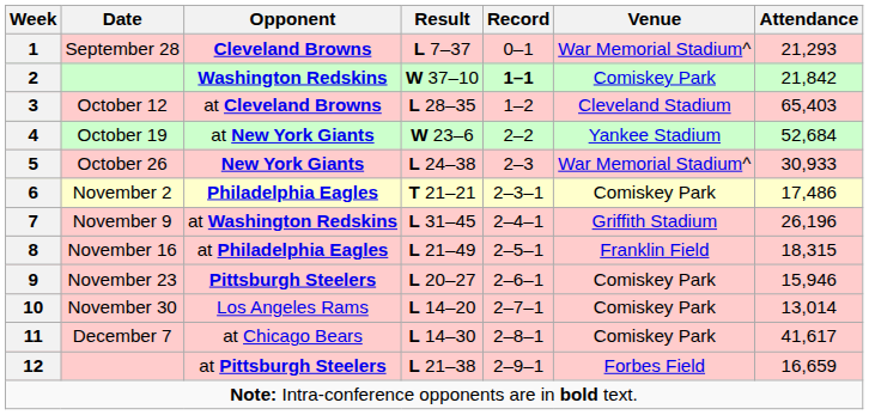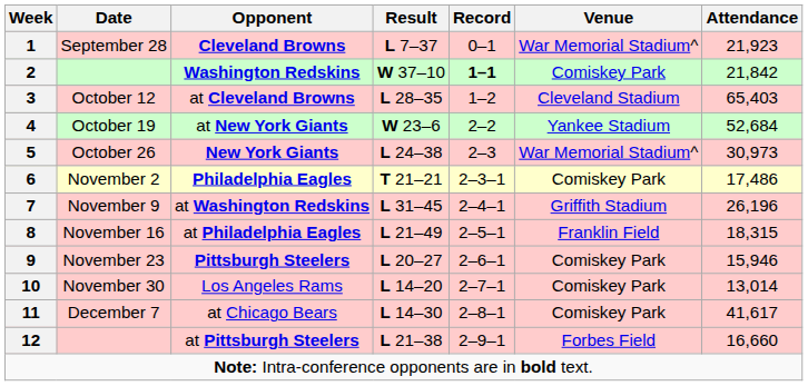 <table class="wikitable" style="text-align:center">
 <tr>
 <th>Week</th>
 <th>Date</th>
 <th>Opponent</th>
 <th>Result</th>
 <th>Record</th>
 <th>Venue</th>
 <th>Attendance</th>
 </tr>
 <tr style="background:#fcc">
 <th>1</th>
 <td>September 28</td>
 <td><strong><a href='#'>Cleveland Browns</a></strong></td>
 <td><strong>L</strong> 7–37</td>
 <td>0–1</td>
 <td><a href='#'>War Memorial Stadium</a>^</td>
-<td>21,293</td>
+<td>21,923</td>
 </tr>
 <tr style="background:#cfc">
 <th>2</th>
 <td></td>
 <td><strong><a href='#'>Washington Redskins</a></strong></td>
 <td><strong>W</strong> 37–10</td>
 <td><strong>1–1</strong></td>
 <td><a href='#'>Comiskey Park</a></td>
 <td>21,842</td>
 </tr>
 <tr style="background:#fcc">
 <th>3</th>
 <td>October 12</td>
 <td>at <strong><a href='#'>Cleveland Browns</a></strong></td>
 <td><strong>L</strong> 28–35</td>
 <td>1–2</td>
 <td><a href='#'>Cleveland Stadium</a></td>
 <td>65,403</td>
 </tr>
 <tr style="background:#cfc">
 <th>4</th>
 <td>October 19</td>
 <td>at <strong><a href='#'>New York Giants</a></strong></td>
 <td><strong>W</strong> 23–6</td>
 <td>2–2</td>
 <td><a href='#'>Yankee Stadium</a></td>
 <td>52,684</td>
 </tr>
 <tr style="background:#fcc">
 <th>5</th>
 <td>October 26</td>
 <td><strong><a href='#'>New York Giants</a></strong></td>
 <td><strong>L</strong> 24–38</td>
 <td>2–3</td>
 <td><a href='#'>War Memorial Stadium</a>^</td>
-<td>30,933</td>
+<td>30,973</td>
 </tr>
 <tr style="background:#ffc">
 <th>6</th>
 <td>November 2</td>
 <td><strong><a href='#'>Philadelphia Eagles</a></strong></td>
 <td><strong>T</strong> 21–21</td>
 <td>2–3–1</td>
 <td>Comiskey Park</td>
 <td>17,486</td>
 </tr>
 <tr style="background:#fcc">
 <th>7</th>
 <td>November 9</td>
 <td>at <strong><a href='#'>Washington Redskins</a></strong></td>
 <td><strong>L</strong> 31–45</td>
 <td>2–4–1</td>
 <td><a href='#'>Griffith Stadium</a></td>
 <td>26,196</td>
 </tr>
 <tr style="background:#fcc">
 <th>8</th>
 <td>November 16</td>
 <td>at <strong><a href='#'>Philadelphia Eagles</a></strong></td>
 <td><strong>L</strong> 21–49</td>
 <td>2–5–1</td>
 <td><a href='#'>Franklin Field</a></td>
 <td>18,315</td>
 </tr>
 <tr style="background:#fcc">
 <th>9</th>
 <td>November 23</td>
 <td><strong><a href='#'>Pittsburgh Steelers</a></strong></td>
 <td><strong>L</strong> 20–27</td>
 <td>2–6–1</td>
 <td>Comiskey Park</td>
 <td>15,946</td>
 </tr>
 <tr style="background:#fcc">
 <th>10</th>
 <td>November 30</td>
 <td><a href='#'>Los Angeles Rams</a></td>
 <td><strong>L</strong> 14–20</td>
 <td>2–7–1</td>
 <td>Comiskey Park</td>
 <td>13,014</td>
 </tr>
 <tr style="background:#fcc">
 <th>11</th>
 <td>December 7</td>
 <td>at <a href='#'>Chicago Bears</a></td>
 <td><strong>L</strong> 14–30</td>
 <td>2–8–1</td>
 <td>Comiskey Park</td>
 <td>41,617</td>
 </tr>
 <tr style="background:#fcc">
 <th>12</th>
 <td></td>
 <td>at <strong><a href='#'>Pittsburgh Steelers</a></strong></td>
 <td><strong>L</strong> 21–38</td>
 <td>2–9–1</td>
 <td><a href='#'>Forbes Field</a></td>
-<td>16,659</td>
+<td>16,660</td>
 </tr>
 <tr>
 <td colspan="8"><strong>Note:</strong> Intra-conference opponents are in <strong>bold</strong> text.</td>
 </tr>
 </table>
